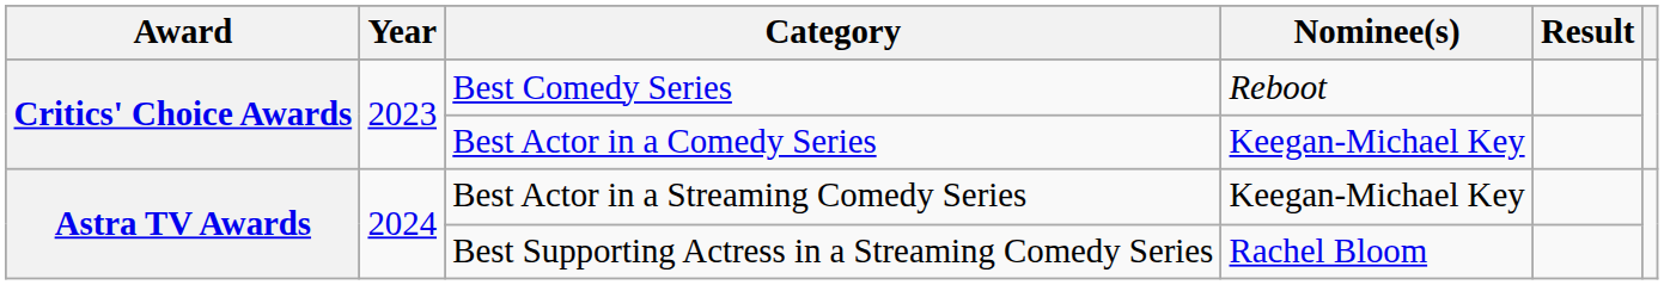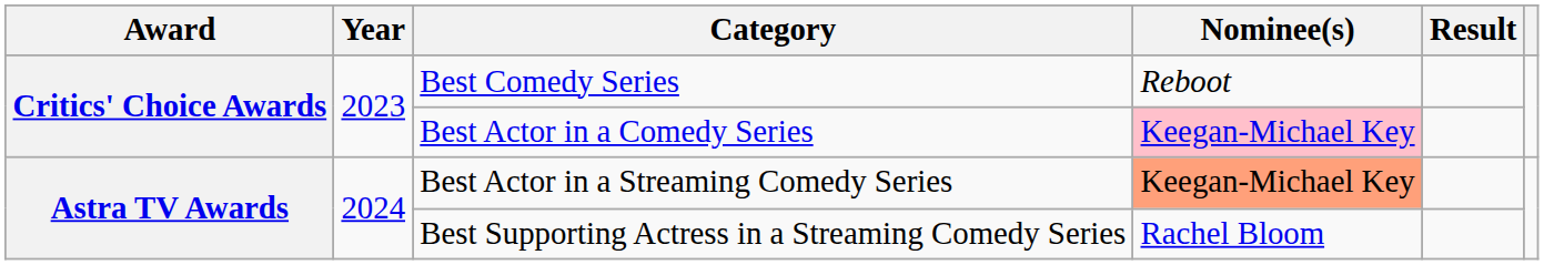 <table class="wikitable plainrowheaders sortable">
 <tr>
 <th scope="col">Award</th>
 <th scope="col">Year</th>
 <th scope="col">Category</th>
 <th scope="col">Nominee(s)</th>
 <th scope="col">Result</th>
 <th scope="col" class="unsortable"></th>
 </tr>
 <tr>
 <th scope="rowgroup" rowspan="2"><a href='#'>Critics' Choice Awards</a></th>
 <td rowspan="2"><a href='#'>2023</a></td>
 <td><a href='#'>Best Comedy Series</a></td>
 <td><em>Reboot</em></td>
 <td></td>
 <td align="center" rowspan="2"></td>
 </tr>
 <tr>
 <td><a href='#'>Best Actor in a Comedy Series</a></td>
-<td><a href='#'>Keegan-Michael Key</a></td>
+<td style="background: pink;"><a href='#'>Keegan-Michael Key</a></td>
 <td></td>
 </tr>
 <tr>
 <th scope="rowgroup" rowspan="2"><a href='#'>Astra TV Awards</a></th>
 <td rowspan="2"><a href='#'>2024</a></td>
 <td>Best Actor in a Streaming Comedy Series</td>
-<td>Keegan-Michael Key</td>
+<td style="background: lightsalmon;">Keegan-Michael Key</td>
 <td></td>
 <td rowspan="2" style="text-align:center;"></td>
 </tr>
 <tr>
 <td>Best Supporting Actress in a Streaming Comedy Series</td>
 <td><a href='#'>Rachel Bloom</a></td>
 <td></td>
 </tr>
 </table>
